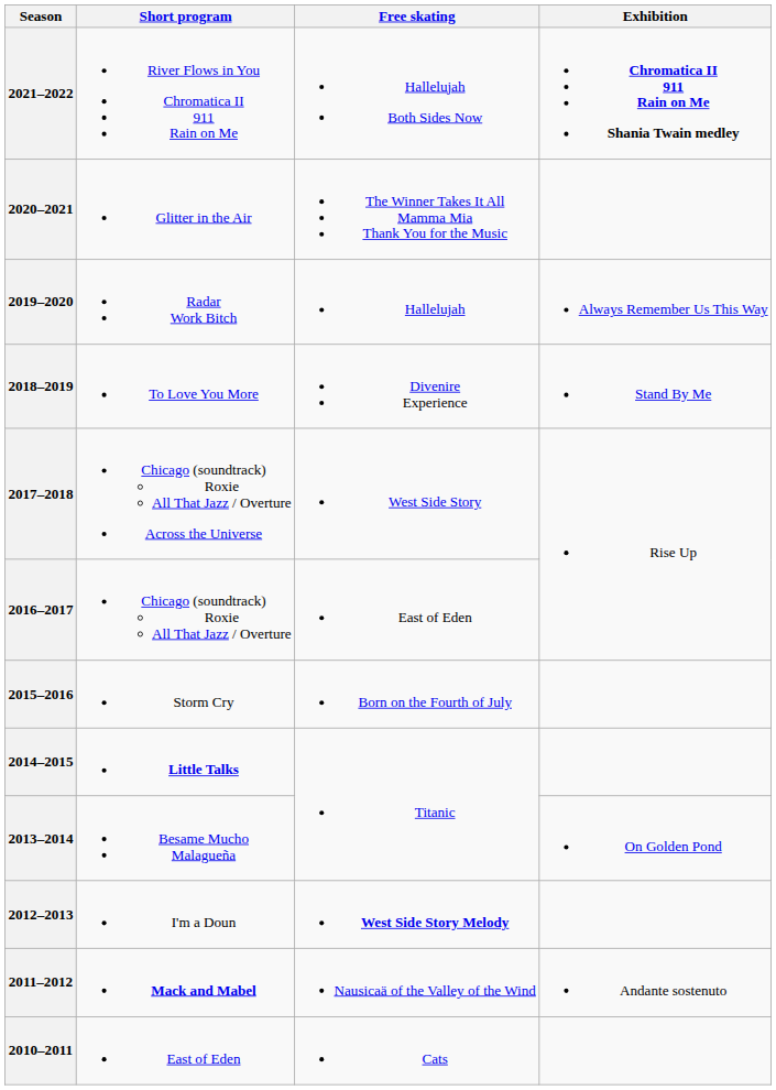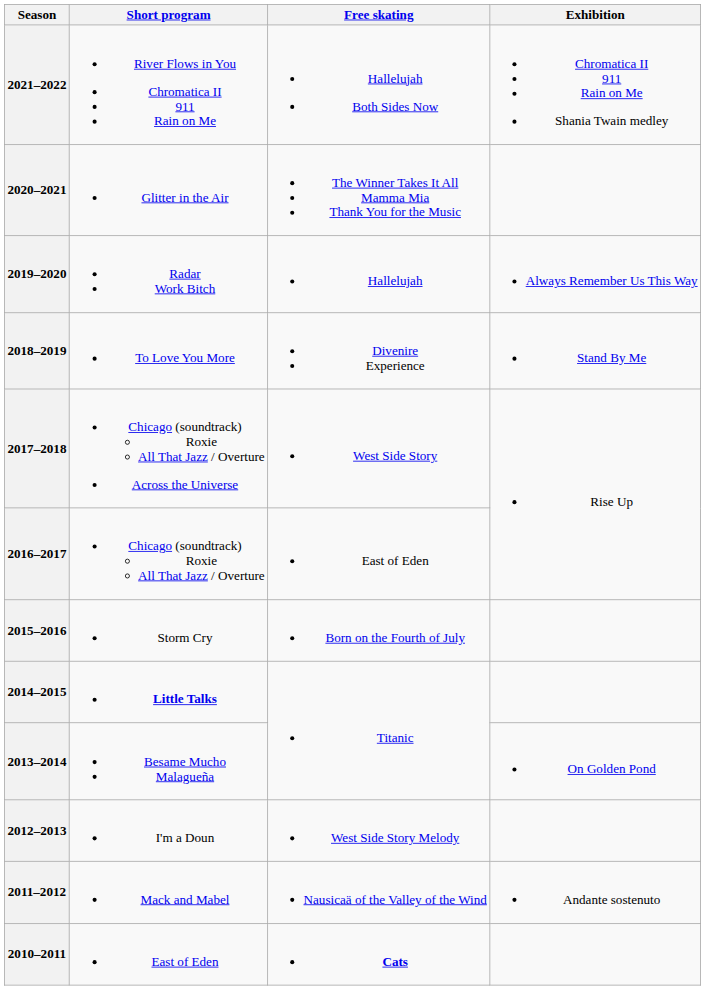 <table class=wikitable style=text-align:center>
 <tr>
 <th>Season</th>
 <th><a href='#'>Short program</a></th>
 <th><a href='#'>Free skating</a></th>
 <th>Exhibition</th>
 </tr>
 <tr>
 <th>2021–2022<br></th>
 <td><br><ul><li><a href='#'>River Flows in You</a> <br> </li></ul><ul><li><a href='#'>Chromatica II</a></li><li><a href='#'>911</a> <br> </li><li><a href='#'>Rain on Me</a> <br> </li></ul></td>
 <td><br><ul><li><a href='#'>Hallelujah</a> <br> </li></ul><ul><li><a href='#'>Both Sides Now</a> <br> </li></ul></td>
-<td><strong><br><ul><li><a href='#'>Chromatica II</a></li><li><a href='#'>911</a> <br> </li><li><a href='#'>Rain on Me</a> <br> </li></ul><ul><li>Shania Twain medley <br> </li></ul></strong></td>
+<td><br><ul><li><a href='#'>Chromatica II</a></li><li><a href='#'>911</a> <br> </li><li><a href='#'>Rain on Me</a> <br> </li></ul><ul><li>Shania Twain medley <br> </li></ul></td>
 </tr>
 <tr>
 <th>2020–2021 <br> </th>
 <td><br><ul><li><a href='#'>Glitter in the Air</a> <br> </li></ul></td>
 <td><br><ul><li><a href='#'>The Winner Takes It All</a></li><li><a href='#'>Mamma Mia</a></li><li><a href='#'>Thank You for the Music</a> <br> </li></ul></td>
 <td></td>
 </tr>
 <tr>
 <th>2019–2020 <br> </th>
 <td><br><ul><li><a href='#'>Radar</a></li><li><a href='#'>Work Bitch</a> <br> </li></ul></td>
 <td><br><ul><li><a href='#'>Hallelujah</a> <br> </li></ul></td>
 <td><br><ul><li><a href='#'>Always Remember Us This Way</a> <br> </li></ul></td>
 </tr>
 <tr>
 <th>2018–2019 <br> </th>
 <td><br><ul><li><a href='#'>To Love You More</a> <br></li></ul></td>
 <td><br><ul><li><a href='#'>Divenire</a>  <br></li><li>Experience <br></li></ul></td>
 <td><br><ul><li><a href='#'>Stand By Me</a> <br> </li></ul></td>
 </tr>
 <tr>
 <th>2017–2018 <br> </th>
 <td><br><ul><li><a href='#'>Chicago</a> (soundtrack)<ul><li>Roxie <br></li><li><a href='#'>All That Jazz</a> / Overture <br></li></ul></li></ul><ul><li><a href='#'>Across the Universe</a> <br></li></ul></td>
 <td><br><ul><li><a href='#'>West Side Story</a> <br></li></ul></td>
 <td rowspan=2><br><ul><li>Rise Up <br></li></ul></td>
 </tr>
 <tr>
 <th>2016–2017 <br> </th>
 <td><br><ul><li><a href='#'>Chicago</a> (soundtrack)<ul><li>Roxie <br></li><li><a href='#'>All That Jazz</a> / Overture <br></li></ul></li></ul></td>
 <td><br><ul><li>East of Eden <br></li></ul></td>
 </tr>
 <tr>
 <th>2015–2016 <br> </th>
 <td><br><ul><li>Storm Cry <br></li></ul></td>
 <td><br><ul><li><a href='#'>Born on the Fourth of July</a> <br></li></ul></td>
 <td></td>
 </tr>
 <tr>
 <th>2014–2015 <br> </th>
 <td><strong><br><ul><li><a href='#'>Little Talks</a> <br></li></ul></strong></td>
 <td rowspan=2><br><ul><li><a href='#'>Titanic</a> <br></li></ul></td>
 <td></td>
 </tr>
 <tr>
 <th>2013–2014 <br> </th>
 <td><br><ul><li><a href='#'>Besame Mucho</a> <br></li><li><a href='#'>Malagueña</a> <br></li></ul></td>
 <td><br><ul><li><a href='#'>On Golden Pond</a> <br></li></ul></td>
 </tr>
 <tr>
 <th>2012–2013 <br> </th>
 <td><br><ul><li>I'm a Doun <br></li></ul></td>
-<td><strong><br><ul><li><a href='#'>West Side Story Melody</a> <br></li></ul></strong></td>
+<td><br><ul><li><a href='#'>West Side Story Melody</a> <br></li></ul></td>
 <td></td>
 </tr>
 <tr>
 <th>2011–2012 <br> </th>
-<td><strong><br><ul><li><a href='#'>Mack and Mabel</a> <br></li></ul></strong></td>
+<td><br><ul><li><a href='#'>Mack and Mabel</a> <br></li></ul></td>
 <td><br><ul><li><a href='#'>Nausicaä of the Valley of the Wind</a> <br></li></ul></td>
 <td><br><ul><li>Andante sostenuto <br></li></ul></td>
 </tr>
 <tr>
 <th>2010–2011 <br> </th>
 <td><br><ul><li><a href='#'>East of Eden</a> <br></li></ul></td>
-<td><br><ul><li><a href='#'>Cats</a> <br></li></ul></td>
+<td><strong><br><ul><li><a href='#'>Cats</a> <br></li></ul></strong></td>
 <td></td>
 </tr>
 </table>
